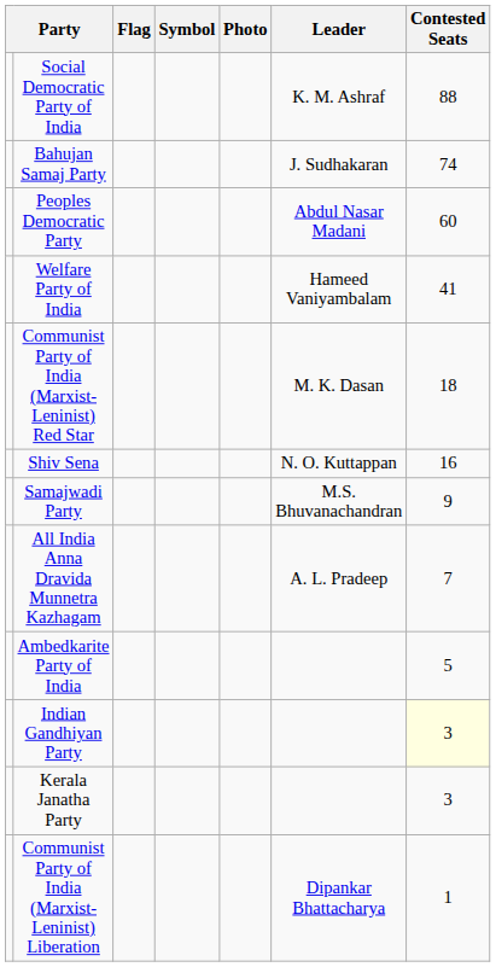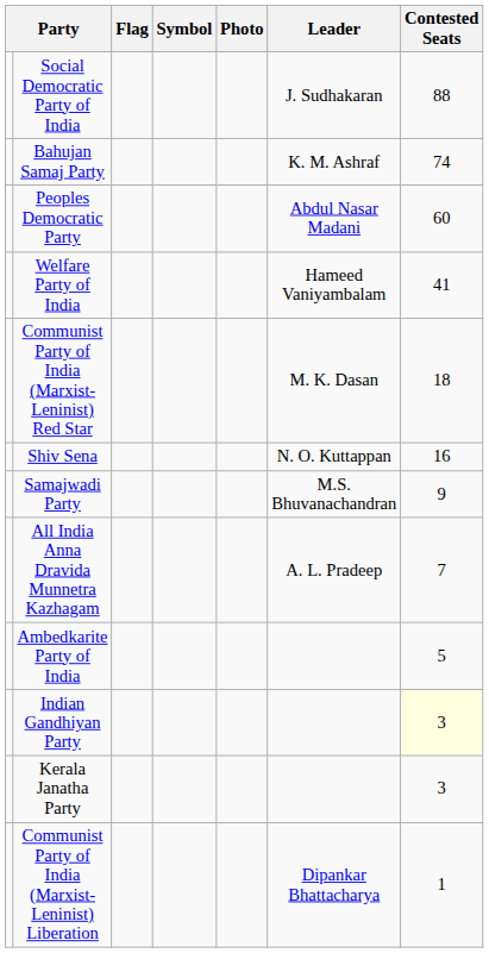 <table class="wikitable" width="40%" style="text-align:center">
 <tr>
 <th colspan="2">Party</th>
 <th>Flag</th>
 <th>Symbol</th>
 <th>Photo</th>
 <th>Leader</th>
 <th>Contested Seats</th>
 </tr>
 <tr>
 <td></td>
 <td><a href='#'>Social Democratic Party of India</a></td>
 <td></td>
 <td></td>
 <td></td>
-<td>K. M. Ashraf</td>
+<td>J. Sudhakaran</td>
 <td>88</td>
 </tr>
 <tr>
 <td></td>
 <td><a href='#'>Bahujan Samaj Party</a></td>
 <td></td>
 <td></td>
 <td></td>
-<td>J. Sudhakaran</td>
+<td>K. M. Ashraf</td>
 <td>74</td>
 </tr>
 <tr>
 <td></td>
 <td><a href='#'>Peoples Democratic Party</a></td>
 <td></td>
 <td></td>
 <td></td>
 <td><a href='#'>Abdul Nasar Madani</a></td>
 <td>60</td>
 </tr>
 <tr>
 <td></td>
 <td><a href='#'>Welfare Party of India</a></td>
 <td></td>
 <td></td>
 <td></td>
 <td>Hameed Vaniyambalam</td>
 <td>41</td>
 </tr>
 <tr>
 <td></td>
 <td><a href='#'>Communist Party of India (Marxist-Leninist) Red Star</a></td>
 <td></td>
 <td></td>
 <td></td>
 <td>M. K. Dasan</td>
 <td>18</td>
 </tr>
 <tr>
 <td></td>
 <td><a href='#'>Shiv Sena</a></td>
 <td></td>
 <td></td>
 <td></td>
 <td>N. O. Kuttappan</td>
 <td>16</td>
 </tr>
 <tr>
 <td></td>
 <td><a href='#'>Samajwadi Party</a></td>
 <td></td>
 <td></td>
 <td></td>
 <td>M.S. Bhuvanachandran</td>
 <td>9</td>
 </tr>
 <tr>
 <td></td>
 <td><a href='#'>All India Anna Dravida Munnetra Kazhagam</a></td>
 <td></td>
 <td></td>
 <td></td>
 <td>A. L. Pradeep</td>
 <td>7</td>
 </tr>
 <tr>
 <td></td>
 <td><a href='#'>Ambedkarite Party of India</a></td>
 <td></td>
 <td></td>
 <td></td>
 <td></td>
 <td>5</td>
 </tr>
 <tr>
 <td></td>
 <td><a href='#'>Indian Gandhiyan Party</a></td>
 <td></td>
 <td></td>
 <td></td>
 <td></td>
 <td style="background: lightyellow;">3</td>
 </tr>
 <tr>
 <td></td>
 <td>Kerala Janatha Party</td>
 <td></td>
 <td></td>
 <td></td>
 <td></td>
 <td>3</td>
 </tr>
 <tr>
 <td></td>
 <td><a href='#'>Communist Party of India (Marxist-Leninist) Liberation</a></td>
 <td></td>
 <td></td>
 <td></td>
 <td><a href='#'>Dipankar Bhattacharya</a></td>
 <td>1</td>
 </tr>
 </table>
